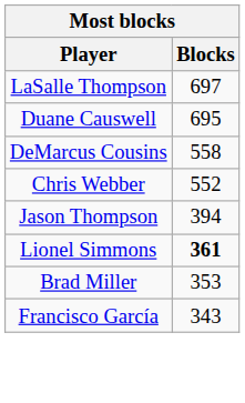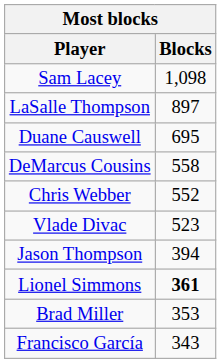 <table class="wikitable sortable" style="text-align:center">
 <tr>
 <th colspan="2" style="text-align:center; ">Most blocks</th>
 </tr>
 <tr>
 <th style="text-align:center; ">Player</th>
 <th style="text-align:center; ">Blocks</th>
 </tr>
 <tr>
+<td><a href='#'>Sam Lacey</a></td>
+<td>1,098</td>
+</tr>
+<tr>
 <td><a href='#'>LaSalle Thompson</a></td>
-<td>697</td>
+<td>897</td>
 </tr>
 <tr>
 <td><a href='#'>Duane Causwell</a></td>
 <td>695</td>
 </tr>
 <tr>
 <td><a href='#'>DeMarcus Cousins</a></td>
 <td>558</td>
 </tr>
 <tr>
 <td><a href='#'>Chris Webber</a></td>
 <td>552</td>
+</tr>
+<tr>
+<td><a href='#'>Vlade Divac</a></td>
+<td>523</td>
 </tr>
 <tr>
 <td><a href='#'>Jason Thompson</a></td>
 <td>394</td>
 </tr>
 <tr>
 <td><a href='#'>Lionel Simmons</a></td>
 <td><strong>361</strong></td>
 </tr>
 <tr>
 <td><a href='#'>Brad Miller</a></td>
 <td>353</td>
 </tr>
 <tr>
 <td><a href='#'>Francisco García</a></td>
 <td>343</td>
 </tr>
 </table>
